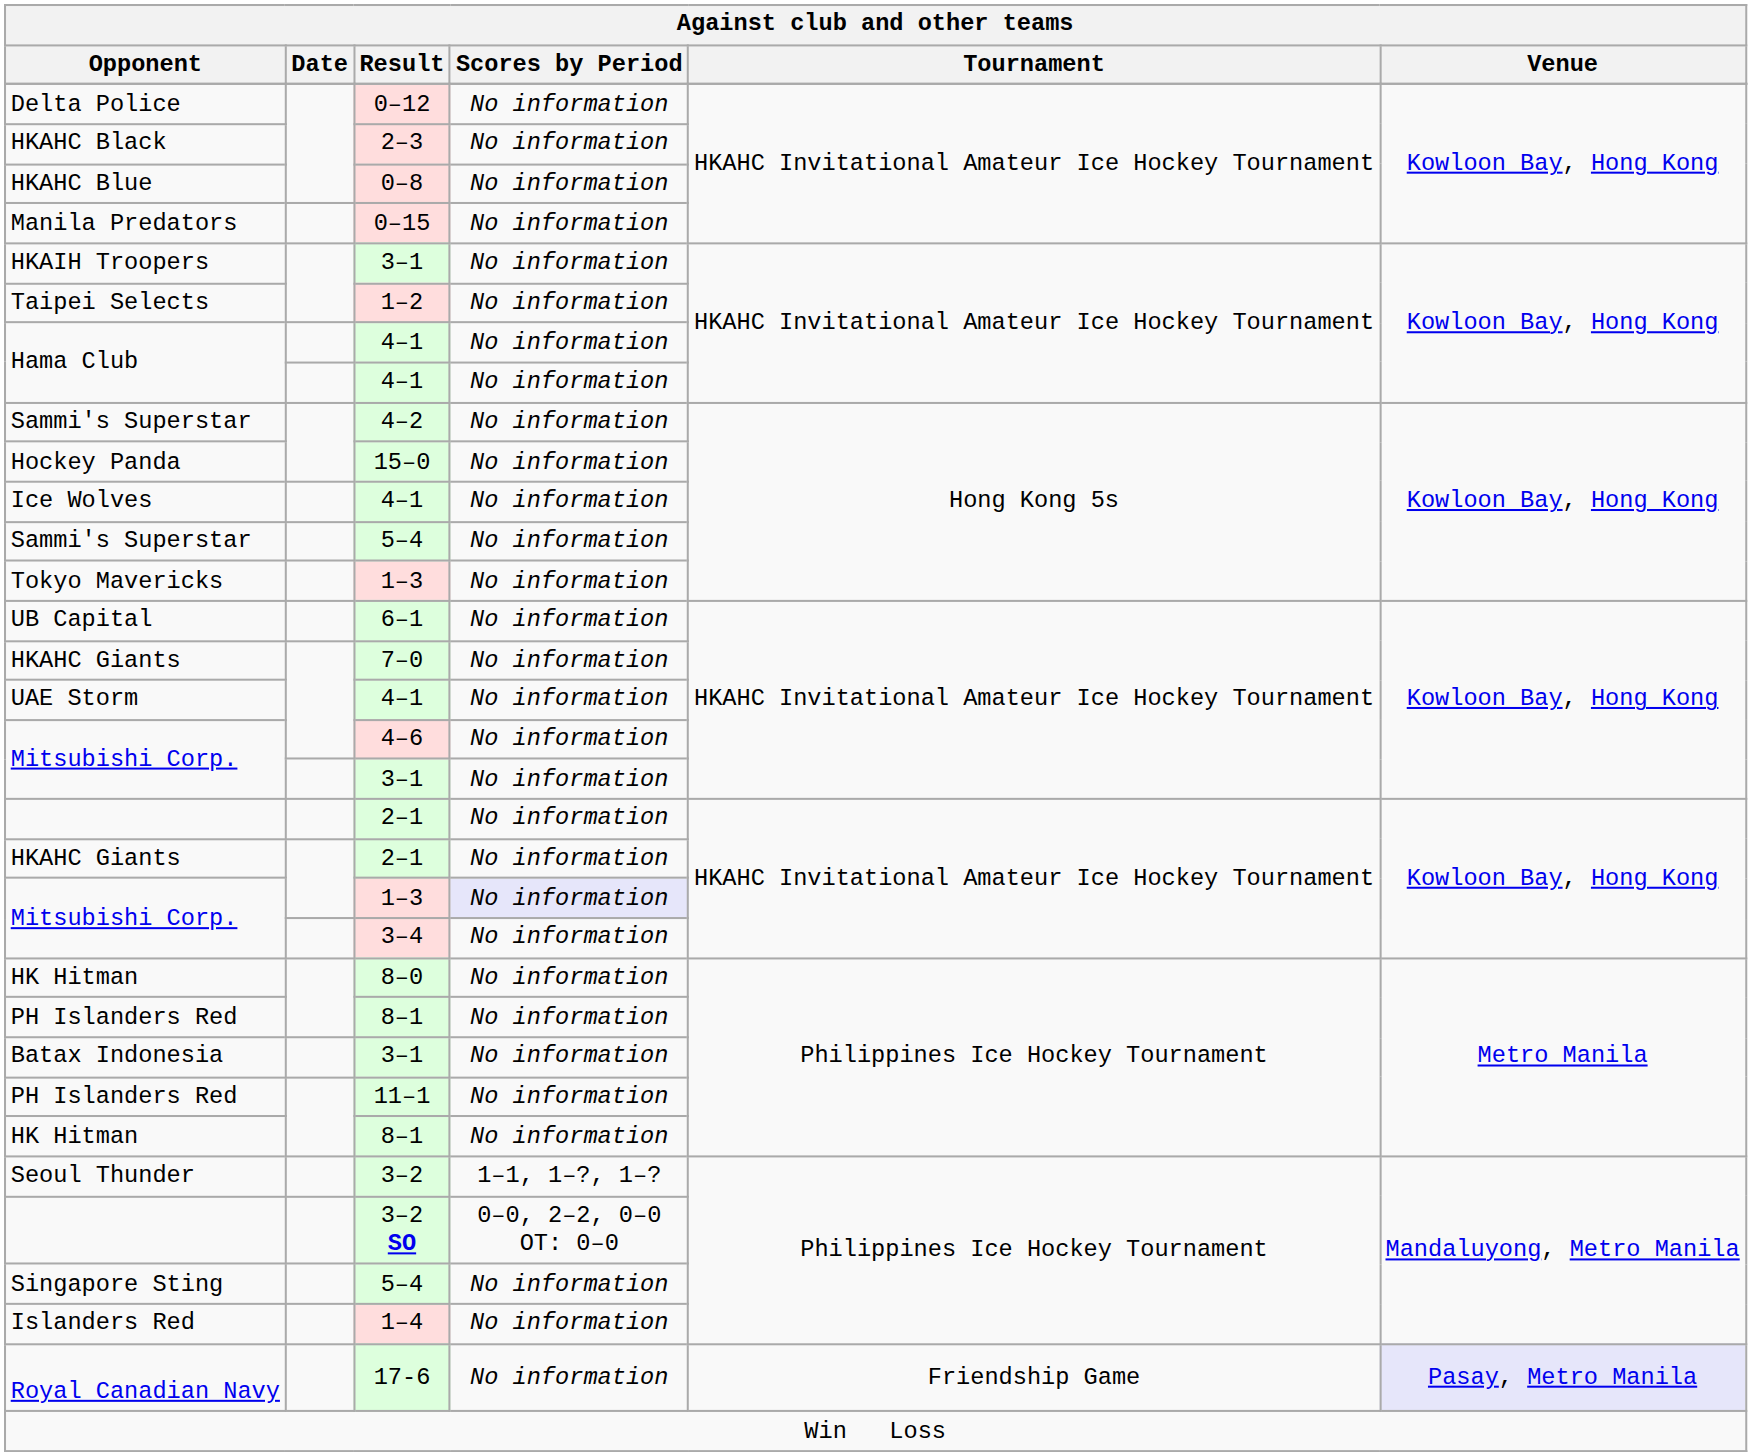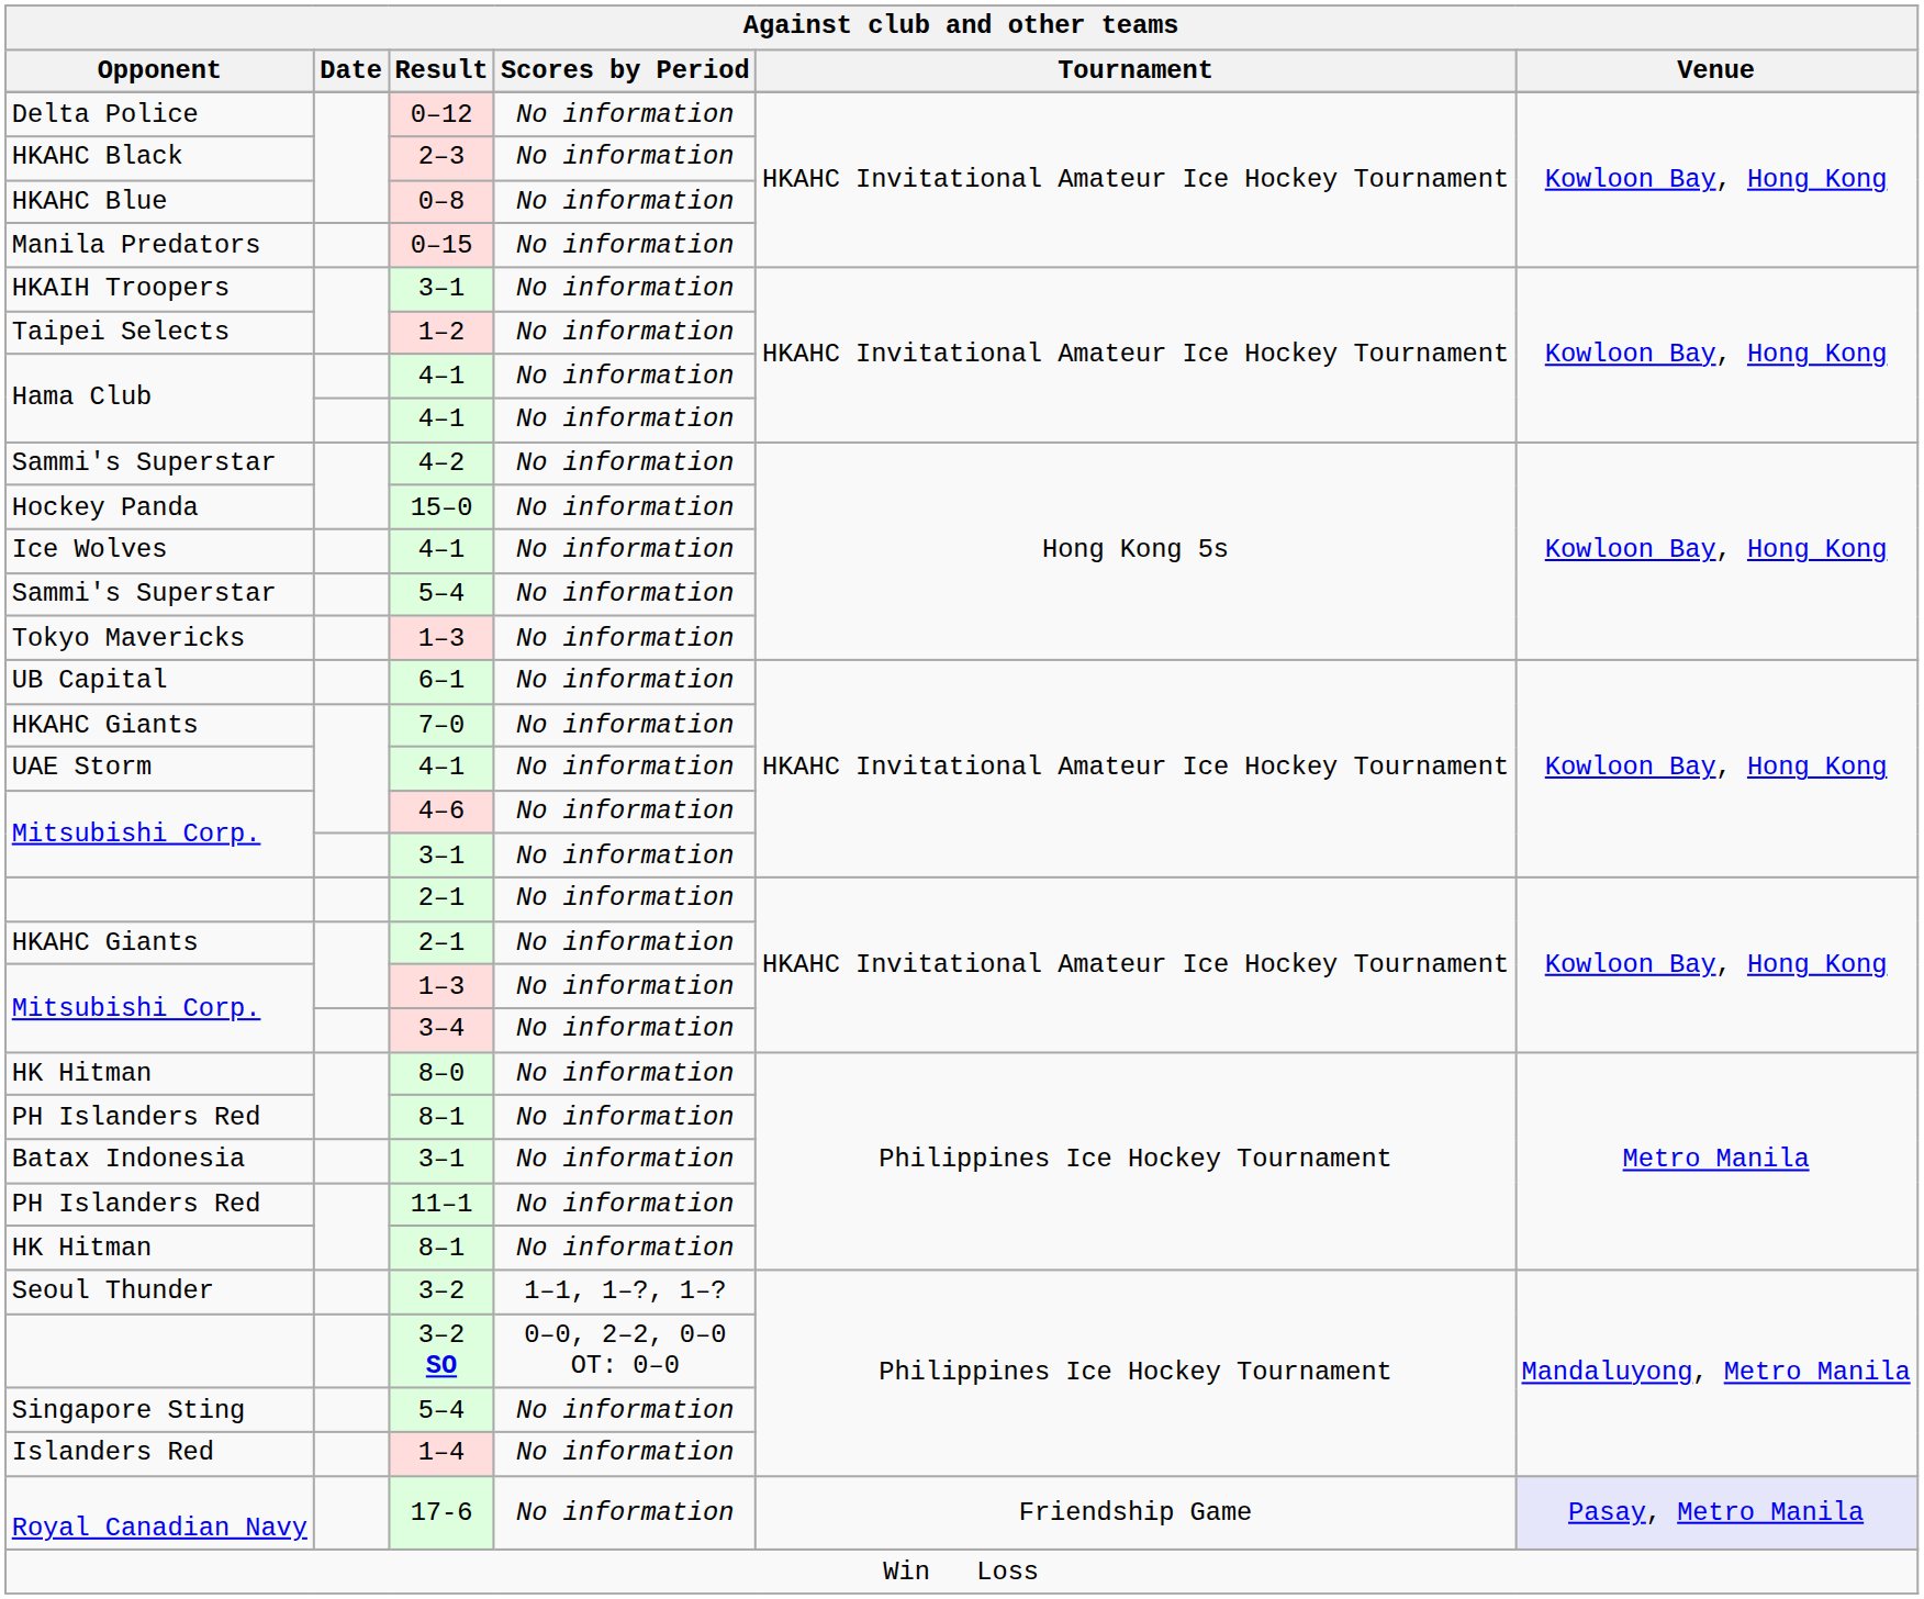 <table class="wikitable collapsible" style="font-size: 90%">
 <tr>
 <th colspan="12">Against club and other teams</th>
 </tr>
 <tr>
 <th>Opponent</th>
 <th>Date</th>
 <th>Result</th>
 <th>Scores by Period</th>
 <th>Tournament</th>
 <th>Venue</th>
 </tr>
 <tr>
 </tr>
 <tr style="text-align:center;">
 <td style="text-align:left;"> Delta Police</td>
 <td rowspan=3></td>
 <td style="background:#ffdddd;">0–12</td>
 <td><em>No information</em></td>
 <td rowspan=4>HKAHC Invitational Amateur Ice Hockey Tournament</td>
 <td rowspan=4><a href='#'>Kowloon Bay</a>, <a href='#'>Hong Kong</a></td>
 </tr>
 <tr style="text-align:center;">
 <td style="text-align:left;"> HKAHC Black</td>
 <td style="background:#ffdddd;">2–3</td>
 <td><em>No information</em></td>
 </tr>
 <tr style="text-align:center;">
 <td style="text-align:left;"> HKAHC Blue</td>
 <td style="background:#ffdddd;">0–8</td>
 <td><em>No information</em></td>
 </tr>
 <tr style="text-align:center;">
 <td style="text-align:left;"> Manila Predators</td>
 <td></td>
 <td style="background:#ffdddd;">0–15</td>
 <td><em>No information</em></td>
 </tr>
 <tr style="text-align:center;">
 <td style="text-align:left;"> HKAIH Troopers</td>
 <td rowspan=2></td>
 <td style="background:#ddffdd;">3–1</td>
 <td><em>No information</em></td>
 <td rowspan=4>HKAHC Invitational Amateur Ice Hockey Tournament</td>
 <td rowspan=4><a href='#'>Kowloon Bay</a>, <a href='#'>Hong Kong</a></td>
 </tr>
 <tr style="text-align:center;">
 <td style="text-align:left;"> Taipei Selects</td>
 <td style="background:#ffdddd;">1–2</td>
 <td><em>No information</em></td>
 </tr>
 <tr style="text-align:center;">
 <td style="text-align:left;" rowspan=2> Hama Club</td>
 <td></td>
 <td style="background:#ddffdd;">4–1</td>
 <td><em>No information</em></td>
 </tr>
 <tr style="text-align:center;">
 <td></td>
 <td style="background:#ddffdd;">4–1</td>
 <td><em>No information</em></td>
 </tr>
 <tr style="text-align:center;">
 <td style="text-align:left;"> Sammi's Superstar</td>
 <td rowspan=2></td>
 <td style="background:#ddffdd;">4–2</td>
 <td><em>No information</em></td>
 <td rowspan=5>Hong Kong 5s</td>
 <td rowspan=5><a href='#'>Kowloon Bay</a>, <a href='#'>Hong Kong</a></td>
 </tr>
 <tr style="text-align:center;">
 <td style="text-align:left;"> Hockey Panda</td>
 <td style="background:#ddffdd;">15–0</td>
 <td><em>No information</em></td>
 </tr>
 <tr style="text-align:center;">
 <td style="text-align:left;"> Ice Wolves</td>
 <td></td>
 <td style="background:#ddffdd;">4–1</td>
 <td><em>No information</em></td>
 </tr>
 <tr style="text-align:center;">
 <td style="text-align:left;"> Sammi's Superstar</td>
 <td></td>
 <td style="background:#ddffdd;">5–4</td>
 <td><em>No information</em></td>
 </tr>
 <tr style="text-align:center;">
 <td style="text-align:left;"> Tokyo Mavericks</td>
 <td></td>
 <td style="background:#ffdddd;">1–3</td>
 <td><em>No information</em></td>
 </tr>
 <tr style="text-align:center;">
 <td style="text-align:left;"> UB Capital</td>
 <td></td>
 <td style="background:#ddffdd;">6–1</td>
 <td><em>No information</em></td>
 <td rowspan=5>HKAHC Invitational Amateur Ice Hockey Tournament</td>
 <td rowspan=5><a href='#'>Kowloon Bay</a>, <a href='#'>Hong Kong</a></td>
 </tr>
 <tr style="text-align:center;">
 <td style="text-align:left;"> HKAHC Giants</td>
 <td rowspan=3></td>
 <td style="background:#ddffdd;">7–0</td>
 <td><em>No information</em></td>
 </tr>
 <tr style="text-align:center;">
 <td style="text-align:left;"> UAE Storm</td>
 <td style="background:#ddffdd;">4–1</td>
 <td><em>No information</em></td>
 </tr>
 <tr style="text-align:center;">
 <td style="text-align:left;" rowspan=2> <a href='#'>Mitsubishi Corp.</a></td>
 <td style="background:#ffdddd;">4–6</td>
 <td><em>No information</em></td>
 </tr>
 <tr style="text-align:center;">
 <td></td>
 <td style="background:#ddffdd;">3–1</td>
 <td><em>No information</em></td>
 </tr>
 <tr style="text-align:center;">
 <td style="text-align:left;"></td>
 <td></td>
 <td style="background:#ddffdd;">2–1</td>
 <td><em>No information</em></td>
 <td rowspan=4>HKAHC Invitational Amateur Ice Hockey Tournament</td>
 <td rowspan=4><a href='#'>Kowloon Bay</a>, <a href='#'>Hong Kong</a></td>
 </tr>
 <tr style="text-align:center;">
 <td style="text-align:left;"> HKAHC Giants</td>
 <td rowspan=2></td>
 <td style="background:#ddffdd;">2–1</td>
 <td><em>No information</em></td>
 </tr>
 <tr style="text-align:center;">
 <td style="text-align:left;" rowspan=2> <a href='#'>Mitsubishi Corp.</a></td>
 <td style="background:#ffdddd;">1–3</td>
-<td style="background: lavender;"><em>No information</em></td>
+<td><em>No information</em></td>
 </tr>
 <tr style="text-align:center;">
 <td></td>
 <td style="background:#ffdddd;">3–4</td>
 <td><em>No information</em></td>
 </tr>
 <tr style="text-align:center;">
 <td style="text-align:left;"> HK Hitman</td>
 <td rowspan=2></td>
 <td style="background:#ddffdd;">8–0</td>
 <td><em>No information</em></td>
 <td rowspan=5>Philippines Ice Hockey Tournament</td>
 <td rowspan=5><a href='#'>Metro Manila</a></td>
 </tr>
 <tr style="text-align:center;">
 <td style="text-align:left;"> PH Islanders Red</td>
 <td style="background:#ddffdd;">8–1</td>
 <td><em>No information</em></td>
 </tr>
 <tr style="text-align:center;">
 <td style="text-align:left;"> Batax Indonesia</td>
 <td></td>
 <td style="background:#ddffdd;">3–1</td>
 <td><em>No information</em></td>
 </tr>
 <tr style="text-align:center;">
 <td style="text-align:left;"> PH Islanders Red</td>
 <td rowspan=2></td>
 <td style="background:#ddffdd;">11–1</td>
 <td><em>No information</em></td>
 </tr>
 <tr style="text-align:center;">
 <td style="text-align:left;"> HK Hitman</td>
 <td style="background:#ddffdd;">8–1</td>
 <td><em>No information</em></td>
 </tr>
 <tr style="text-align:center;">
 <td style="text-align:left;"> Seoul Thunder</td>
 <td></td>
 <td style="background:#ddffdd;">3–2</td>
 <td>1–1, 1–?, 1–?</td>
 <td rowspan=4>Philippines Ice Hockey Tournament</td>
 <td rowspan="4"><a href='#'>Mandaluyong</a>, <a href='#'>Metro Manila</a></td>
 </tr>
 <tr style="text-align:center;">
 <td style="text-align:left;"></td>
 <td></td>
 <td style="background:#ddffdd;">3–2<br><strong><a href='#'>SO</a></strong></td>
 <td>0–0, 2–2, 0–0<br>OT: 0–0</td>
 </tr>
 <tr style="text-align:center;">
 <td style="text-align:left;"> Singapore Sting</td>
 <td></td>
 <td style="background:#ddffdd;">5–4</td>
 <td><em>No information</em></td>
 </tr>
 <tr style="text-align:center;">
 <td style="text-align:left;"> Islanders Red</td>
 <td></td>
 <td style="background:#ffdddd;">1–4</td>
 <td><em>No information</em></td>
 </tr>
 <tr style="text-align:center;">
 <td style="text-align:left;"><br> <a href='#'>Royal Canadian Navy</a></td>
 <td></td>
 <td style="background:#ddffdd;">17-6</td>
 <td><em>No information</em></td>
 <td>Friendship Game</td>
 <td style="background: lavender;"><a href='#'>Pasay</a>, <a href='#'>Metro Manila</a></td>
 </tr>
 <tr style="text-align:center;">
 <td style="text-align:center;" colspan="12"> Win   Loss</td>
 </tr>
 <tr>
 </tr>
 </table>
